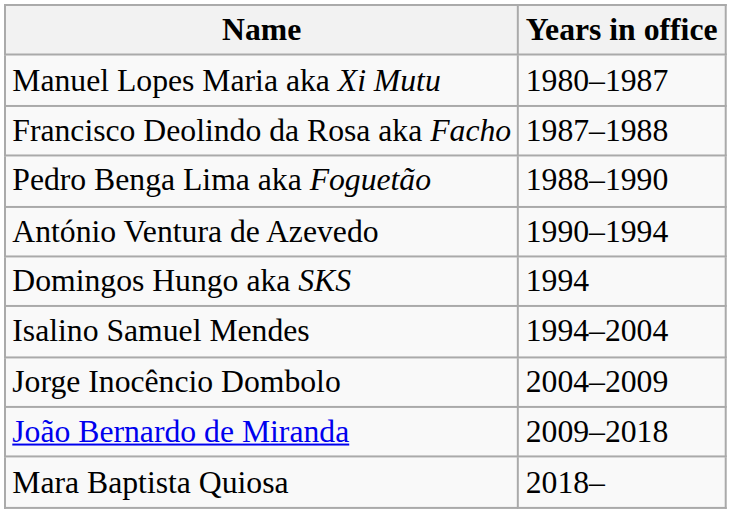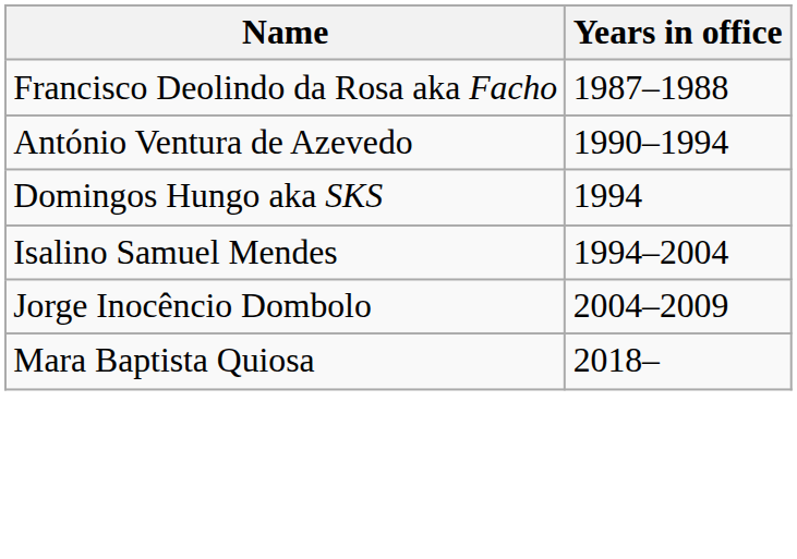 <table class="wikitable sortable">
 <tr>
 <th>Name</th>
 <th>Years in office</th>
 </tr>
 <tr>
-<td>Manuel Lopes Maria aka <em>Xi Mutu</em></td>
-<td data-sort-value="08">1980–1987</td>
-</tr>
-<tr>
 <td>Francisco Deolindo da Rosa aka <em>Facho</em></td>
 <td data-sort-value="02">1987–1988</td>
-</tr>
-<tr>
-<td>Pedro Benga Lima aka <em>Foguetão</em></td>
-<td data-sort-value="03">1988–1990</td>
 </tr>
 <tr>
 <td>António Ventura de Azevedo</td>
 <td data-sort-value="05">1990–1994</td>
 </tr>
 <tr>
 <td>Domingos Hungo aka <em>SKS</em></td>
 <td data-sort-value="01">1994</td>
 </tr>
 <tr>
 <td>Isalino Samuel Mendes</td>
 <td data-sort-value="11">1994–2004</td>
 </tr>
 <tr>
 <td>Jorge Inocêncio Dombolo</td>
 <td data-sort-value="06">2004–2009</td>
 </tr>
 <tr>
-<td><a href='#'>João Bernardo de Miranda</a></td>
-<td data-sort-value="10">2009–2018</td>
-</tr>
-<tr>
 <td>Mara Baptista Quiosa</td>
 <td data-sort-value="02">2018–</td>
 </tr>
 </table>
